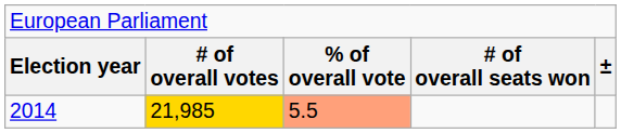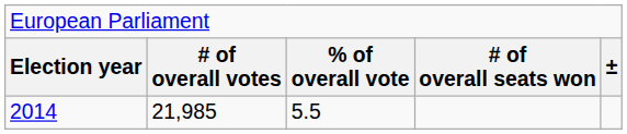 <table class=wikitable>
 <tr>
 <td colspan=6><a href='#'>European Parliament</a></td>
 </tr>
 <tr>
 <th>Election year</th>
 <th># of<br>overall votes</th>
 <th>% of<br>overall vote</th>
 <th># of<br>overall seats won</th>
 <th>±</th>
 </tr>
 <tr>
 <td><a href='#'>2014</a></td>
-<td style="background: gold;">21,985</td>
-<td style="background: lightsalmon;">5.5</td>
+<td>21,985</td>
+<td>5.5</td>
 <td></td>
 <td></td>
 </tr>
 </table>
